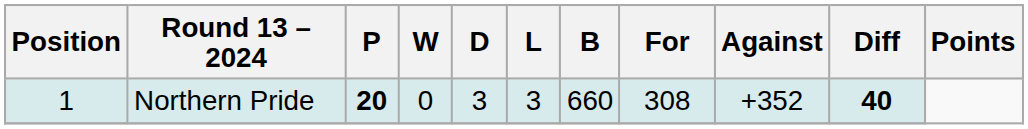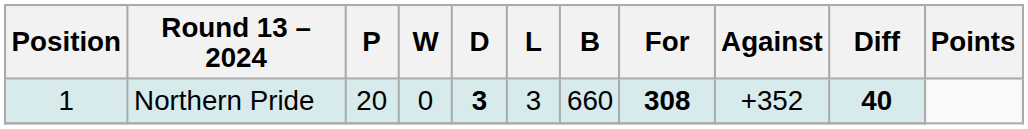 <table class="wikitable" style="text-align:center; font-size:85%;">
 <tr style="background: #d7ebed;">
 <th width="40" abbr="Position">Position</th>
 <th width="100">Round 13 – 2024</th>
 <th width="20" abbr="Played">P</th>
 <th width="20" abbr="Won">W</th>
 <th width="20" abbr="Drawn">D</th>
 <th width="20" abbr="Lost">L</th>
 <th width="20" abbr="Bye">B</th>
 <th width="40" abbr="Points for">For</th>
 <th width="40" abbr="Points against">Against</th>
 <th width="40" abbr="Points difference">Diff</th>
 <th width="40" abbr="Points">Points</th>
 </tr>
 <tr style="background: #d7ebed;">
 <td>1</td>
 <td style="text-align:left;"> Northern Pride</td>
-<td><strong>20</strong></td>
+<td>20</td>
 <td 17>0</td>
-<td>3</td>
+<td><strong>3</strong></td>
 <td>3</td>
 <td>660</td>
-<td>308</td>
+<td><strong>308</strong></td>
 <td>+352</td>
 <td><strong>40</strong></td>
 </tr>
 <tr>
 </tr>
 </table>
